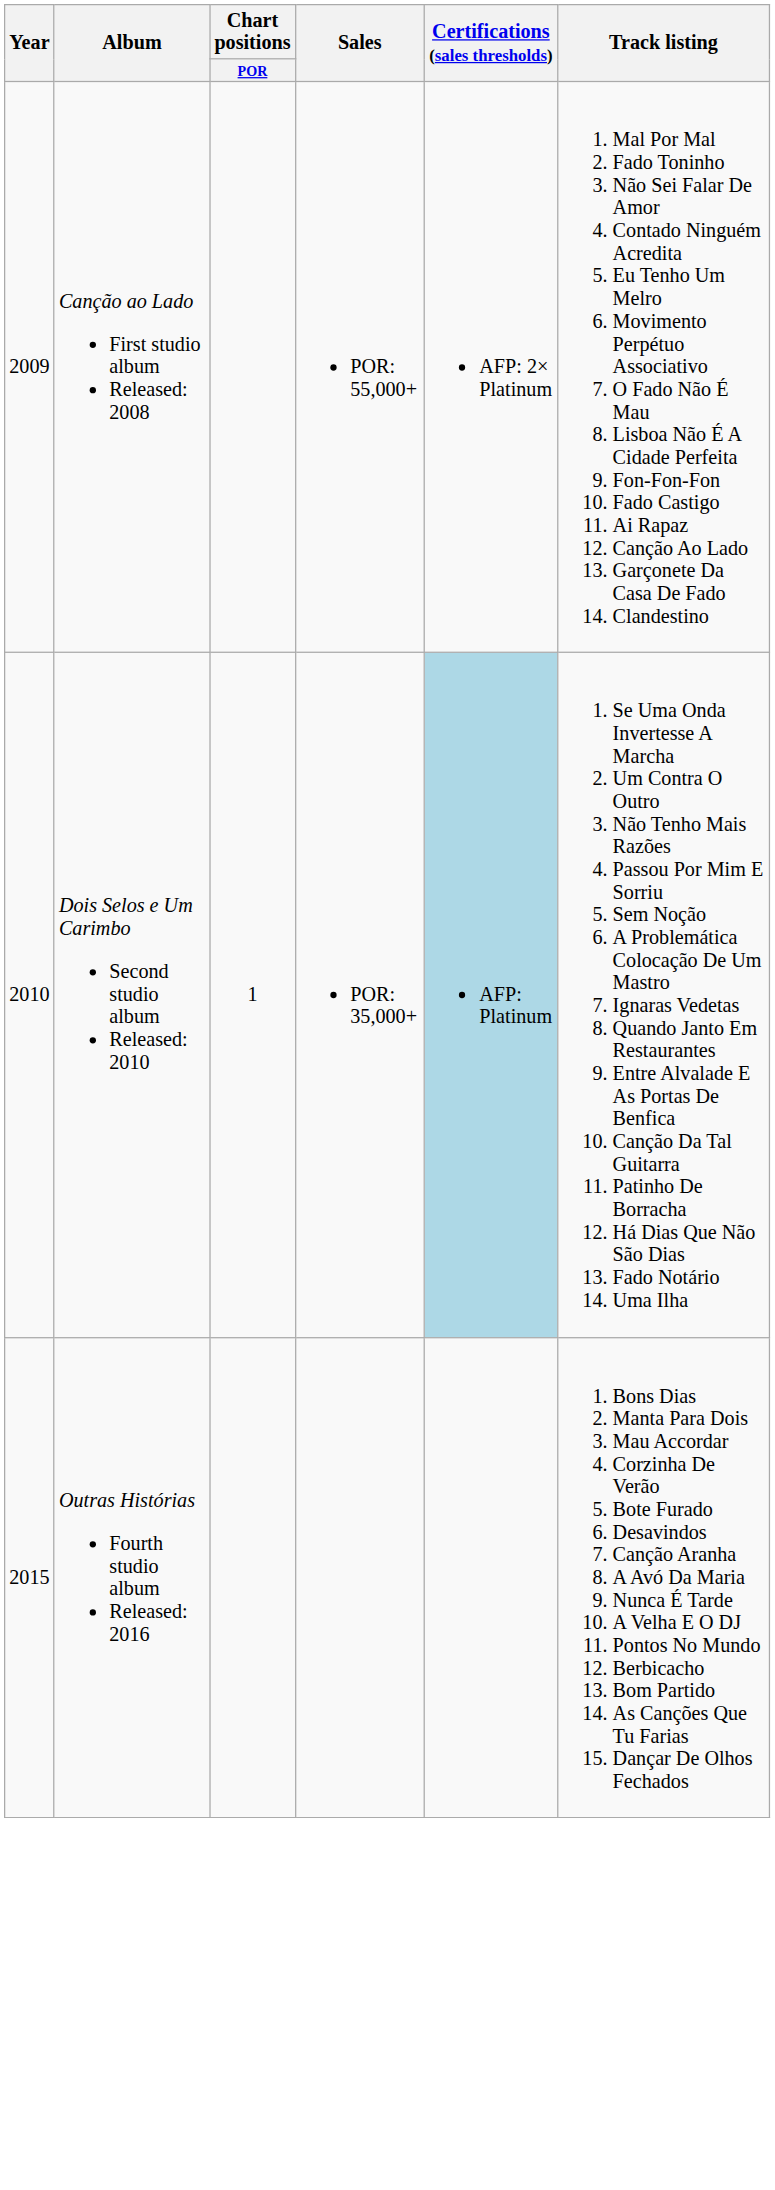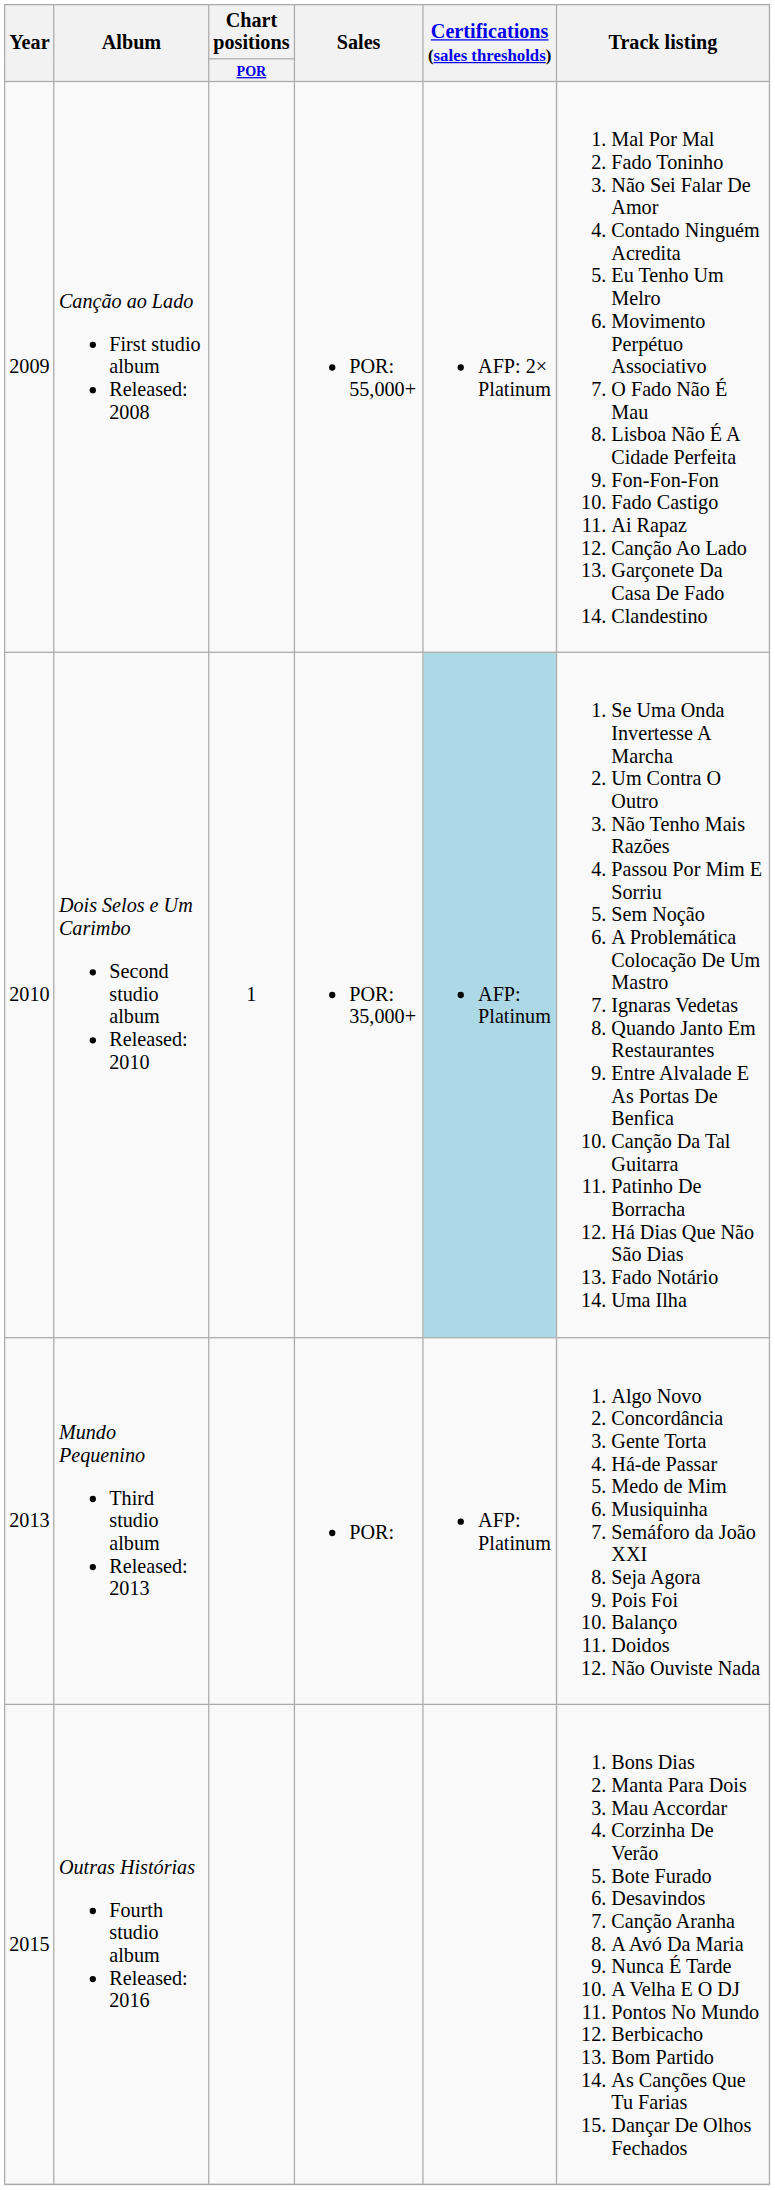 <table class="wikitable">
 <tr>
 <th width="20" rowspan="2">Year</th>
 <th width="150" rowspan="2">Album</th>
 <th colspan="1">Chart positions</th>
 <th width="100" rowspan="2">Sales</th>
 <th width="100" rowspan="2"><a href='#'>Certifications</a><br><small>(<a href='#'>sales thresholds</a>)</small></th>
 <th width="250" rowspan="2">Track listing</th>
 </tr>
 <tr>
 <th style="width:4em;font-size:70%"><a href='#'>POR</a><br></th>
 </tr>
 <tr>
 <td>2009</td>
 <td><em>Canção ao Lado</em><br><ul><li>First studio album</li><li>Released: 2008</li></ul></td>
 <td></td>
 <td><br><ul><li>POR: 55,000+</li></ul></td>
 <td><br><ul><li>AFP: 2× Platinum</li></ul></td>
 <td><br><ol><li>Mal Por Mal</li><li>Fado Toninho</li><li>Não Sei Falar De Amor</li><li>Contado Ninguém Acredita</li><li>Eu Tenho Um Melro</li><li>Movimento Perpétuo Associativo</li><li>O Fado Não É Mau</li><li>Lisboa Não É A Cidade Perfeita</li><li>Fon-Fon-Fon</li><li>Fado Castigo</li><li>Ai Rapaz</li><li>Canção Ao Lado</li><li>Garçonete Da Casa De Fado</li><li>Clandestino</li></ol></td>
 </tr>
 <tr>
 <td>2010</td>
 <td><em>Dois Selos e Um Carimbo</em><br><ul><li>Second studio album</li><li>Released: 2010</li></ul></td>
 <td align="center">1</td>
 <td><br><ul><li>POR: 35,000+</li></ul></td>
 <td style="background: lightblue;"><br><ul><li>AFP: Platinum</li></ul></td>
 <td><br><ol><li>Se Uma Onda Invertesse A Marcha</li><li>Um Contra O Outro</li><li>Não Tenho Mais Razões</li><li>Passou Por Mim E Sorriu</li><li>Sem Noção</li><li>A Problemática Colocação De Um Mastro</li><li>Ignaras Vedetas</li><li>Quando Janto Em Restaurantes</li><li>Entre Alvalade E As Portas De Benfica</li><li>Canção Da Tal Guitarra</li><li>Patinho De Borracha</li><li>Há Dias Que Não São Dias</li><li>Fado Notário</li><li>Uma Ilha</li></ol></td>
 </tr>
 <tr>
+<td>2013</td>
+<td><em>Mundo Pequenino</em><br><ul><li>Third studio album</li><li>Released: 2013</li></ul></td>
+<td></td>
+<td><br><ul><li>POR:</li></ul></td>
+<td><br><ul><li>AFP: Platinum</li></ul></td>
+<td><br><ol><li>Algo Novo</li><li>Concordância</li><li>Gente Torta</li><li>Há-de Passar</li><li>Medo de Mim</li><li>Musiquinha</li><li>Semáforo da João XXI</li><li>Seja Agora</li><li>Pois Foi</li><li>Balanço</li><li>Doidos</li><li>Não Ouviste Nada</li></ol></td>
+</tr>
+<tr>
 <td>2015</td>
 <td><em>Outras Histórias</em><br><ul><li>Fourth studio album</li><li>Released: 2016</li></ul></td>
 <td></td>
 <td></td>
 <td></td>
 <td><br><ol><li>Bons Dias</li><li>Manta Para Dois</li><li>Mau Accordar</li><li>Corzinha De Verão</li><li>Bote Furado</li><li>Desavindos</li><li>Canção Aranha</li><li>A Avó Da Maria</li><li>Nunca É Tarde</li><li>A Velha E O DJ</li><li>Pontos No Mundo</li><li>Berbicacho</li><li>Bom Partido</li><li>As Canções Que Tu Farias</li><li>Dançar De Olhos Fechados</li></ol></td>
 </tr>
 <tr>
 </tr>
 </table>
